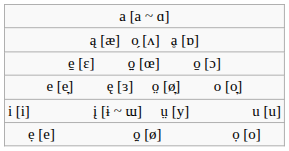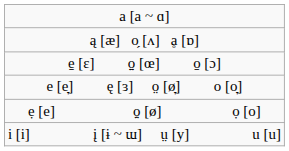 <table class="wikitable Unicode">
 <tr align=center>
 <td>a [a ~ ɑ]</td>
 </tr>
 <tr align=center>
 <td>ą [æ]   o̗ [ʌ]   ḁ [ɒ]</td>
 </tr>
 <tr align=center>
 <td>e̠ [ɛ]         o̤̠ [œ]         o̠ [ɔ]</td>
 </tr>
 <tr align=center>
 <td>e [e̞]         ę [ɜ]     o̤ [ø̞]         o [o̞]</td>
 </tr>
 <tr align=center>
+<td>ẹ [e]                     o̤̣ [ø]                   ọ [o]</td>
+</tr>
+<tr align=center>
 <td>i [i]                 į [ɨ ~ ɯ]     ṳ [y]                 u [u]</td>
 </tr>
-<tr align=center>
-<td>ẹ [e]                     o̤̣ [ø]                   ọ [o]</td>
-</tr>
 </table>
